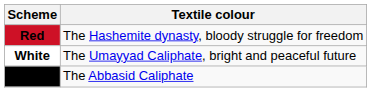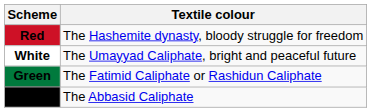 <table class="wikitable">
 <tr>
 <th>Scheme</th>
 <th>Textile colour</th>
 </tr>
 <tr>
 <th style="background:#CE1126"><span> Red </span></th>
 <td>The <a href='#'>Hashemite dynasty</a>, bloody struggle for freedom</td>
 </tr>
 <tr>
 <th style="background:#ffffff">White</th>
 <td>The <a href='#'>Umayyad Caliphate</a>, bright and peaceful future</td>
 </tr>
 <tr>
+<th style="background: #007A3D"><span> Green </span></th>
+<td>The <a href='#'>Fatimid Caliphate</a> or <a href='#'>Rashidun Caliphate</a></td>
+</tr>
+<tr>
 <th style="background: #000000"><span> Black </span></th>
 <td>The <a href='#'>Abbasid Caliphate</a></td>
 </tr>
 </table>
